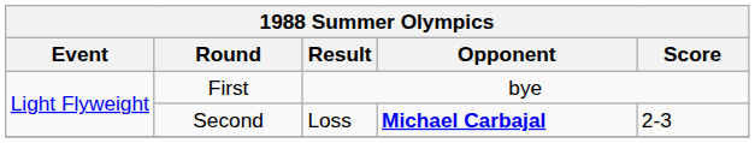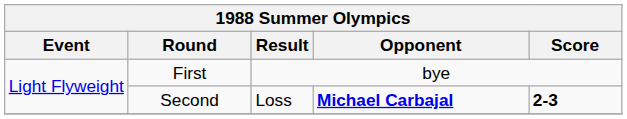 <table style="font-size: 85%" class="wikitable">
 <tr>
 <th colspan=5>1988 Summer Olympics</th>
 </tr>
 <tr>
 <th style="width: 20%">Event</th>
 <th style="width: 20%">Round</th>
 <th style="width: 10%">Result</th>
 <th style="width: 35%">Opponent</th>
 <th style="width: 15%">Score</th>
 </tr>
 <tr>
 <td rowspan=2 style="text-align:center;"><a href='#'>Light Flyweight</a></td>
 <td style="text-align:center">First</td>
 <td colspan=3 style="text-align:center;">bye</td>
 </tr>
 <tr>
 <td style="text-align:center">Second</td>
 <td>Loss</td>
 <td><strong> <a href='#'>Michael Carbajal</a></strong></td>
-<td>2-3</td>
+<td><strong>2-3</strong></td>
 </tr>
 <tr>
 </tr>
 </table>
